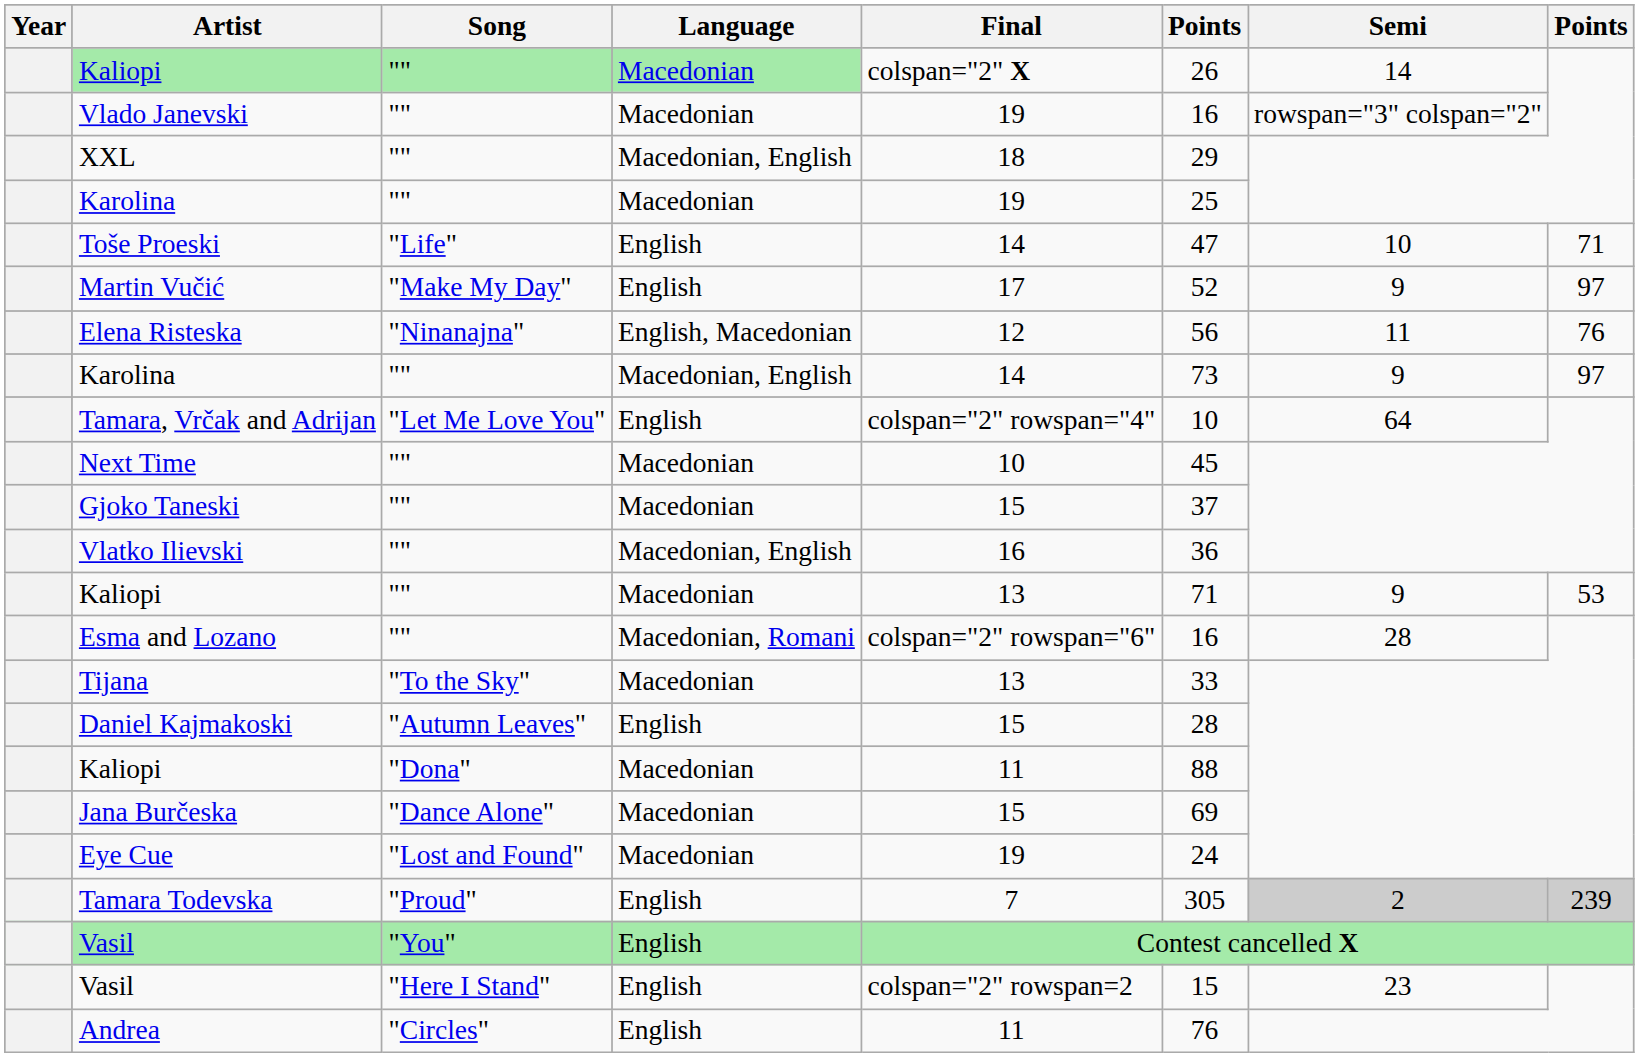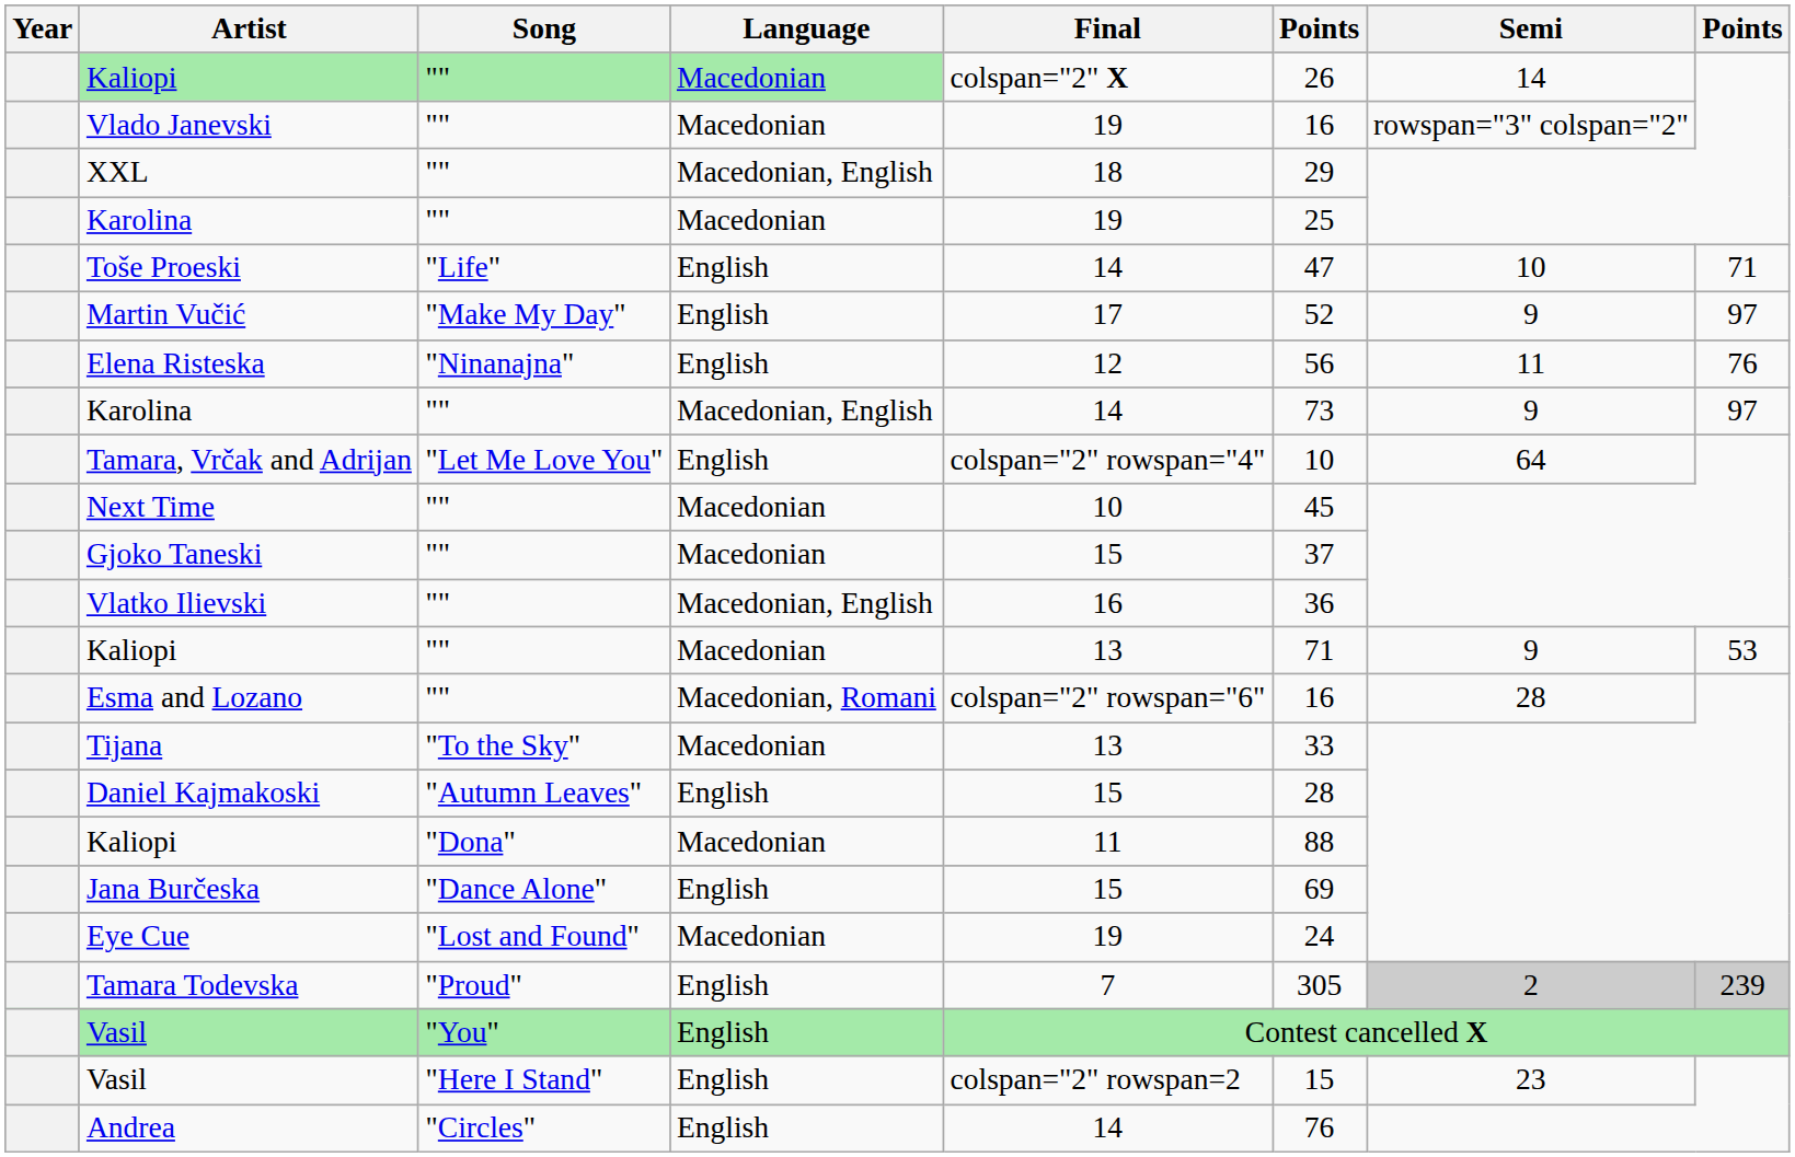 <table class="wikitable sortable plainrowheaders">
 <tr>
 <th scope="col">Year</th>
 <th scope="col">Artist</th>
 <th scope="col">Song</th>
 <th scope="col">Language</th>
 <th scope="col" data-sort-type="number">Final</th>
 <th scope="col" data-sort-type="number">Points</th>
 <th scope="col" data-sort-type="number">Semi</th>
 <th scope="col" data-sort-type="number">Points</th>
 </tr>
 <tr>
 <th scope="row" style="text-align:center;"></th>
 <td style="background-color:#A4EAA9;"><a href='#'>Kaliopi</a></td>
 <td style="background-color:#A4EAA9;">"" </td>
 <td style="background-color:#A4EAA9;"><a href='#'>Macedonian</a></td>
 <td>colspan="2"  <strong>X</strong></td>
 <td style="text-align:center;">26</td>
 <td style="text-align:center;">14</td>
 </tr>
 <tr>
 <th scope="row" style="text-align:center;"></th>
 <td><a href='#'>Vlado Janevski</a></td>
 <td>"" </td>
 <td>Macedonian</td>
 <td style="text-align:center;">19</td>
 <td style="text-align:center;">16</td>
 <td>rowspan="3" colspan="2" </td>
 </tr>
 <tr>
 <th scope="row" style="text-align:center;"></th>
 <td>XXL</td>
 <td>"" </td>
 <td>Macedonian, English</td>
 <td style="text-align:center;">18</td>
 <td style="text-align:center;">29</td>
 </tr>
 <tr>
 <th scope="row" style="text-align:center;"></th>
 <td><a href='#'>Karolina</a></td>
 <td>"" </td>
 <td>Macedonian</td>
 <td style="text-align:center;">19</td>
 <td style="text-align:center;">25</td>
 </tr>
 <tr>
 <th scope="row" style="text-align:center;"></th>
 <td><a href='#'>Toše Proeski</a></td>
 <td>"<a href='#'>Life</a>"</td>
 <td>English</td>
 <td style="text-align:center;">14</td>
 <td style="text-align:center;">47</td>
 <td style="text-align:center;">10</td>
 <td style="text-align:center;">71</td>
 </tr>
 <tr>
 <th scope="row" style="text-align:center;"></th>
 <td><a href='#'>Martin Vučić</a></td>
 <td>"<a href='#'>Make My Day</a>"</td>
 <td>English</td>
 <td style="text-align:center;">17</td>
 <td style="text-align:center;">52</td>
 <td style="text-align:center;">9</td>
 <td style="text-align:center;">97</td>
 </tr>
 <tr>
 <th scope="row" style="text-align:center;"></th>
 <td><a href='#'>Elena Risteska</a></td>
 <td>"<a href='#'>Ninanajna</a>" </td>
-<td>English, Macedonian</td>
+<td>English</td>
 <td style="text-align:center;">12</td>
 <td style="text-align:center;">56</td>
 <td style="text-align:center;">11</td>
 <td style="text-align:center;">76</td>
 </tr>
 <tr>
 <th scope="row" style="text-align:center;"></th>
 <td>Karolina</td>
 <td>"" </td>
 <td>Macedonian, English</td>
 <td style="text-align:center;">14</td>
 <td style="text-align:center;">73</td>
 <td style="text-align:center;">9</td>
 <td style="text-align:center;">97</td>
 </tr>
 <tr>
 <th scope="row" style="text-align:center;"></th>
 <td><a href='#'>Tamara</a>, <a href='#'>Vrčak</a> and <a href='#'>Adrijan</a></td>
 <td>"<a href='#'>Let Me Love You</a>"</td>
 <td>English</td>
 <td>colspan="2" rowspan="4" </td>
 <td style="text-align:center;">10</td>
 <td style="text-align:center;">64</td>
 </tr>
 <tr>
 <th scope="row" style="text-align:center;"></th>
 <td><a href='#'>Next Time</a></td>
 <td>"" </td>
 <td>Macedonian</td>
 <td style="text-align:center;">10</td>
 <td style="text-align:center;">45</td>
 </tr>
 <tr>
 <th scope="row" style="text-align:center;"></th>
 <td><a href='#'>Gjoko Taneski</a></td>
 <td>"" </td>
 <td>Macedonian</td>
 <td style="text-align:center;">15</td>
 <td style="text-align:center;">37</td>
 </tr>
 <tr>
 <th scope="row" style="text-align:center;"></th>
 <td><a href='#'>Vlatko Ilievski</a></td>
 <td>"" </td>
 <td>Macedonian, English</td>
 <td style="text-align:center;">16</td>
 <td style="text-align:center;">36</td>
 </tr>
 <tr>
 <th scope="row" style="text-align:center;"></th>
 <td>Kaliopi</td>
 <td>"" </td>
 <td>Macedonian</td>
 <td style="text-align:center;">13</td>
 <td style="text-align:center;">71</td>
 <td style="text-align:center;">9</td>
 <td style="text-align:center;">53</td>
 </tr>
 <tr>
 <th scope="row" style="text-align:center;"></th>
 <td><a href='#'>Esma</a> and <a href='#'>Lozano</a></td>
 <td>"" </td>
 <td>Macedonian, <a href='#'>Romani</a></td>
 <td>colspan="2" rowspan="6" </td>
 <td style="text-align:center;">16</td>
 <td style="text-align:center;">28</td>
 </tr>
 <tr>
 <th scope="row" style="text-align:center;"></th>
 <td><a href='#'>Tijana</a></td>
 <td>"<a href='#'>To the Sky</a>"</td>
 <td>Macedonian</td>
 <td style="text-align:center;">13</td>
 <td style="text-align:center;">33</td>
 </tr>
 <tr>
 <th scope="row" style="text-align:center;"></th>
 <td><a href='#'>Daniel Kajmakoski</a></td>
 <td>"<a href='#'>Autumn Leaves</a>"</td>
 <td>English</td>
 <td style="text-align:center;">15</td>
 <td style="text-align:center;">28</td>
 </tr>
 <tr>
 <th scope="row" style="text-align:center;"></th>
 <td>Kaliopi</td>
 <td>"<a href='#'>Dona</a>" </td>
 <td>Macedonian</td>
 <td style="text-align:center;">11</td>
 <td style="text-align:center;">88</td>
 </tr>
 <tr>
 <th scope="row" style="text-align:center;"></th>
 <td><a href='#'>Jana Burčeska</a></td>
 <td>"<a href='#'>Dance Alone</a>"</td>
-<td>Macedonian</td>
+<td>English</td>
 <td style="text-align:center;">15</td>
 <td style="text-align:center;">69</td>
 </tr>
 <tr>
 <th scope="row" style="text-align:center;"></th>
 <td><a href='#'>Eye Cue</a></td>
 <td>"<a href='#'>Lost and Found</a>"</td>
 <td>Macedonian</td>
 <td style="text-align:center;">19</td>
 <td style="text-align:center;">24</td>
 </tr>
 <tr>
 <th scope="row" style="text-align:center;"></th>
 <td><a href='#'>Tamara Todevska</a></td>
 <td>"<a href='#'>Proud</a>"</td>
 <td>English</td>
 <td style="text-align:center;">7</td>
 <td style="text-align:center;">305</td>
 <td style="text-align:center; background-color:#CCC;">2</td>
 <td style="text-align:center; background-color:#CCC;">239</td>
 </tr>
 <tr style="background-color:#A4EAA9;">
 <th scope="row" style="text-align:center;"></th>
 <td><a href='#'>Vasil</a></td>
 <td>"<a href='#'>You</a>"</td>
 <td>English</td>
 <td colspan="4" style="text-align:center;">Contest cancelled <strong>X</strong></td>
 </tr>
 <tr>
 <th scope="row" style="text-align:center;"></th>
 <td>Vasil</td>
 <td>"<a href='#'>Here I Stand</a>"</td>
 <td>English</td>
 <td>colspan="2" rowspan=2 </td>
 <td style="text-align:center;">15</td>
 <td style="text-align:center;">23</td>
 </tr>
 <tr>
 <th scope="row" style="text-align:center;"></th>
 <td><a href='#'>Andrea</a></td>
 <td>"<a href='#'>Circles</a>"</td>
 <td>English</td>
-<td style="text-align:center;">11</td>
+<td style="text-align:center;">14</td>
 <td style="text-align:center;">76</td>
 </tr>
 </table>
